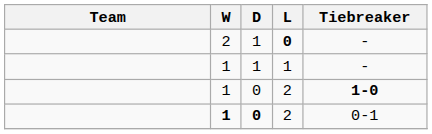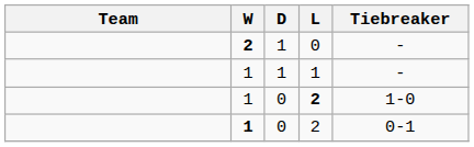 <table class=wikitable style=text-align:center>
 <tr>
 <th width=170>Team</th>
 <th width=20>W</th>
 <th width=20>D</th>
 <th width=20>L</th>
 <th width=100>Tiebreaker</th>
 </tr>
 <tr>
 <td align=left></td>
-<td>2</td>
+<td><strong>2</strong></td>
 <td>1</td>
-<td><strong>0</strong></td>
+<td>0</td>
 <td>-</td>
 </tr>
 <tr>
 <td align=left></td>
 <td>1</td>
 <td>1</td>
 <td>1</td>
 <td>-</td>
 </tr>
 <tr>
 <td align=left></td>
 <td>1</td>
 <td>0</td>
-<td>2</td>
-<td><strong>1-0</strong></td>
+<td><strong>2</strong></td>
+<td>1-0</td>
 </tr>
 <tr>
 <td align=left></td>
 <td><strong>1</strong></td>
-<td><strong>0</strong></td>
+<td>0</td>
 <td>2</td>
 <td>0-1</td>
 </tr>
 <tr>
 </tr>
 </table>
